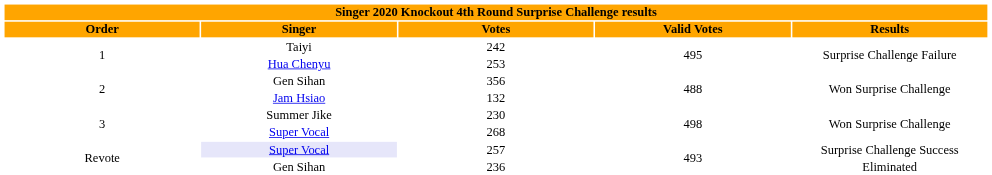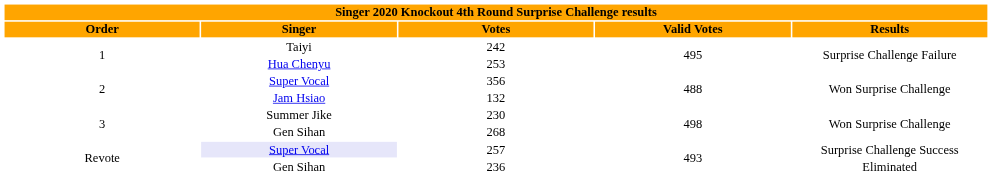 <table width="100%" style="text-align:center">
 <tr style="background:orange">
 <th colspan="5"><div>Singer 2020 Knockout 4th Round Surprise Challenge results</div></th>
 </tr>
 <tr style="background:orange">
 <th style="width:20%">Order</th>
 <th style="width:20%">Singer</th>
 <th style="width:20%">Votes</th>
 <th style="width:20%">Valid Votes</th>
 <th style="width:20%">Results</th>
 </tr>
 <tr>
 <td rowspan=2>1</td>
 <td>Taiyi</td>
 <td>242</td>
 <td rowspan=2>495</td>
 <td rowspan=2>Surprise Challenge Failure</td>
 </tr>
 <tr>
 <td><a href='#'>Hua Chenyu</a></td>
 <td>253</td>
 </tr>
 <tr>
 <td rowspan=2>2</td>
-<td>Gen Sihan</td>
+<td><a href='#'>Super Vocal</a></td>
 <td>356</td>
 <td rowspan=2>488</td>
 <td rowspan=2>Won Surprise Challenge</td>
 </tr>
 <tr>
 <td><a href='#'>Jam Hsiao</a></td>
 <td>132</td>
 </tr>
 <tr>
 <td rowspan=2>3</td>
 <td>Summer Jike</td>
 <td>230</td>
 <td rowspan=2>498</td>
 <td rowspan=2>Won Surprise Challenge</td>
 </tr>
 <tr>
-<td><a href='#'>Super Vocal</a></td>
+<td>Gen Sihan</td>
 <td>268</td>
 </tr>
 <tr>
 <td rowspan=2>Revote</td>
 <td style="background: lavender;"><a href='#'>Super Vocal</a></td>
 <td>257</td>
 <td rowspan=2>493</td>
 <td>Surprise Challenge Success</td>
 </tr>
 <tr>
 <td>Gen Sihan</td>
 <td>236</td>
 <td>Eliminated</td>
 </tr>
 </table>
